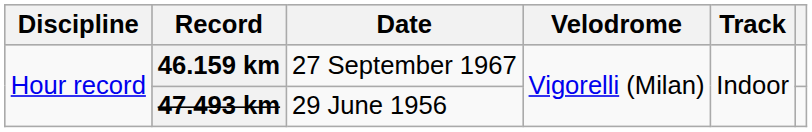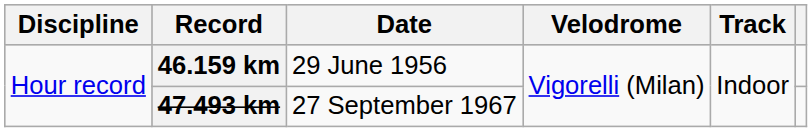 <table class="wikitable">
 <tr>
 <th>Discipline</th>
 <th>Record</th>
 <th>Date</th>
 <th>Velodrome</th>
 <th>Track</th>
 <th></th>
 </tr>
 <tr>
 <td rowspan="2"><a href='#'>Hour record</a></td>
 <th scope="row" style="text-align:left;">46.159 km</th>
-<td>27 September 1967</td>
+<td>29 June 1956</td>
 <td rowspan="2"><a href='#'>Vigorelli</a> (Milan)</td>
 <td rowspan="2">Indoor</td>
 <td style="text-align:center;"></td>
 </tr>
 <tr>
 <th scope="row" style="text-align:left;"><s>47.493 km</s></th>
-<td>29 June 1956</td>
+<td>27 September 1967</td>
 <td style="text-align:center;"></td>
 </tr>
 </table>
